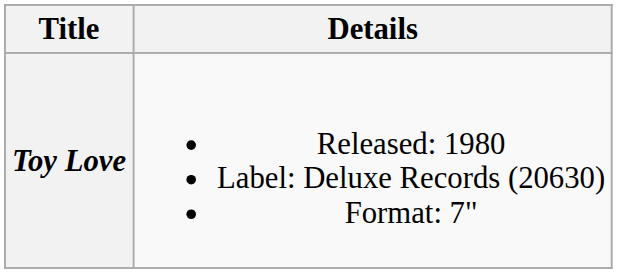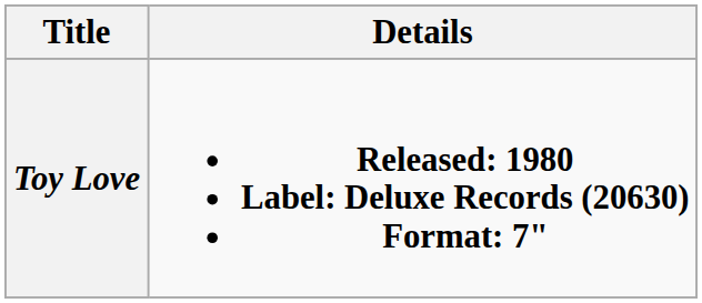 <table class="wikitable plainrowheaders" style="text-align:center;" border="1">
 <tr>
 <th>Title</th>
 <th>Details</th>
 </tr>
 <tr>
 <th scope="row"><em>Toy Love</em></th>
-<td><br><ul><li>Released: 1980</li><li>Label: Deluxe Records (20630)</li><li>Format: 7"</li></ul></td>
+<td><strong><br><ul><li>Released: 1980</li><li>Label: Deluxe Records (20630)</li><li>Format: 7"</li></ul></strong></td>
 </tr>
 </table>
